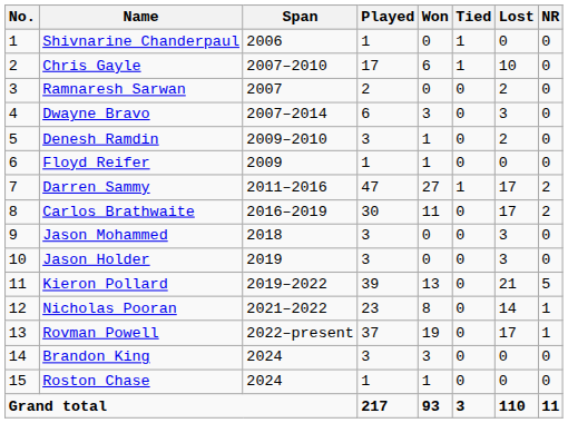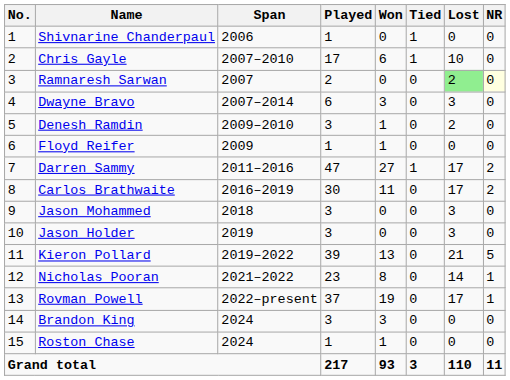 <table class="wikitable">
 <tr>
 <th>No.</th>
 <th>Name</th>
 <th>Span</th>
 <th>Played</th>
 <th>Won</th>
 <th>Tied</th>
 <th>Lost</th>
 <th>NR</th>
 </tr>
 <tr>
 <td>1</td>
 <td><a href='#'>Shivnarine Chanderpaul</a></td>
 <td>2006</td>
 <td>1</td>
 <td>0</td>
 <td>1</td>
 <td>0</td>
 <td>0</td>
 </tr>
 <tr>
 <td>2</td>
 <td><a href='#'>Chris Gayle</a></td>
 <td>2007–2010</td>
 <td>17</td>
 <td>6</td>
 <td>1</td>
 <td>10</td>
 <td>0</td>
 </tr>
 <tr>
 <td>3</td>
 <td><a href='#'>Ramnaresh Sarwan</a></td>
 <td>2007</td>
 <td>2</td>
 <td>0</td>
 <td>0</td>
-<td>2</td>
-<td>0</td>
+<td style="background: lightgreen;">2</td>
+<td style="background: lightyellow;">0</td>
 </tr>
 <tr>
 <td>4</td>
 <td><a href='#'>Dwayne Bravo</a></td>
 <td>2007–2014</td>
 <td>6</td>
 <td>3</td>
 <td>0</td>
 <td>3</td>
 <td>0</td>
 </tr>
 <tr>
 <td>5</td>
 <td><a href='#'>Denesh Ramdin</a></td>
 <td>2009–2010</td>
 <td>3</td>
 <td>1</td>
 <td>0</td>
 <td>2</td>
 <td>0</td>
 </tr>
 <tr>
 <td>6</td>
 <td><a href='#'>Floyd Reifer</a></td>
 <td>2009</td>
 <td>1</td>
 <td>1</td>
 <td>0</td>
 <td>0</td>
 <td>0</td>
 </tr>
 <tr>
 <td>7</td>
 <td><a href='#'>Darren Sammy</a></td>
 <td>2011–2016</td>
 <td>47</td>
 <td>27</td>
 <td>1</td>
 <td>17</td>
 <td>2</td>
 </tr>
 <tr>
 <td>8</td>
 <td><a href='#'>Carlos Brathwaite</a></td>
 <td>2016–2019</td>
 <td>30</td>
 <td>11</td>
 <td>0</td>
 <td>17</td>
 <td>2</td>
 </tr>
 <tr>
 <td>9</td>
 <td><a href='#'>Jason Mohammed</a></td>
 <td>2018</td>
 <td>3</td>
 <td>0</td>
 <td>0</td>
 <td>3</td>
 <td>0</td>
 </tr>
 <tr>
 <td>10</td>
 <td><a href='#'>Jason Holder</a></td>
 <td>2019</td>
 <td>3</td>
 <td>0</td>
 <td>0</td>
 <td>3</td>
 <td>0</td>
 </tr>
 <tr>
 <td>11</td>
 <td><a href='#'>Kieron Pollard</a></td>
 <td>2019–2022</td>
 <td>39</td>
 <td>13</td>
 <td>0</td>
 <td>21</td>
 <td>5</td>
 </tr>
 <tr>
 <td>12</td>
 <td><a href='#'>Nicholas Pooran</a></td>
 <td>2021–2022</td>
 <td>23</td>
 <td>8</td>
 <td>0</td>
 <td>14</td>
 <td>1</td>
 </tr>
 <tr>
 <td>13</td>
 <td><a href='#'>Rovman Powell</a></td>
 <td>2022–present</td>
 <td>37</td>
 <td>19</td>
 <td>0</td>
 <td>17</td>
 <td>1</td>
 </tr>
 <tr>
 <td>14</td>
 <td><a href='#'>Brandon King</a></td>
 <td>2024</td>
 <td>3</td>
 <td>3</td>
 <td>0</td>
 <td>0</td>
 <td>0</td>
 </tr>
 <tr>
 <td>15</td>
 <td><a href='#'>Roston Chase</a></td>
 <td>2024</td>
 <td>1</td>
 <td>1</td>
 <td>0</td>
 <td>0</td>
 <td>0</td>
 </tr>
 <tr>
 <td colspan=3><strong>Grand total</strong></td>
 <td><strong>217</strong></td>
 <td><strong>93</strong></td>
 <td><strong>3</strong></td>
 <td><strong>110</strong></td>
 <td><strong>11</strong></td>
 </tr>
 </table>
